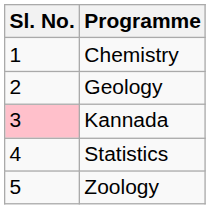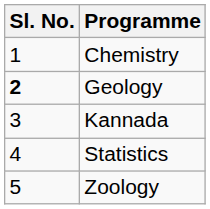 <table class="wikitable">
 <tr>
 <th>Sl. No.</th>
 <th>Programme</th>
 </tr>
 <tr>
 <td>1</td>
 <td>Chemistry</td>
 </tr>
 <tr>
-<td>2</td>
+<td><strong>2</strong></td>
 <td>Geology</td>
 </tr>
 <tr>
-<td style="background: pink;">3</td>
+<td>3</td>
 <td>Kannada</td>
 </tr>
 <tr>
 <td>4</td>
 <td>Statistics</td>
 </tr>
 <tr>
 <td>5</td>
 <td>Zoology</td>
 </tr>
 </table>
